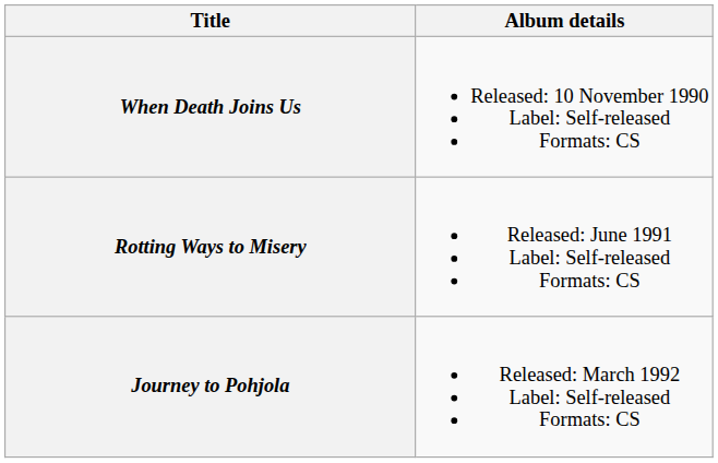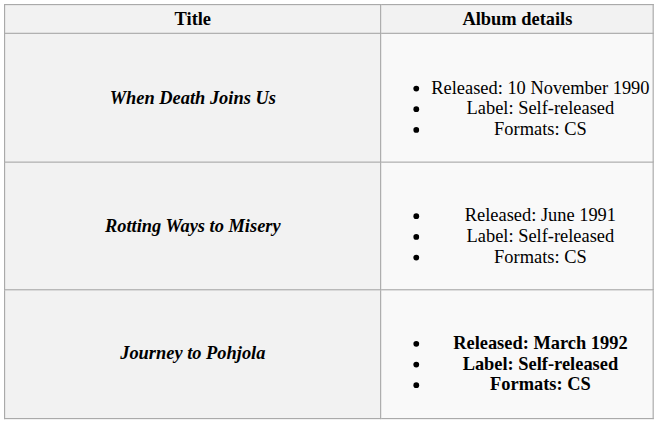 <table class="wikitable plainrowheaders" style="text-align:center;">
 <tr>
 <th scope="col" style="width:20em;">Title</th>
 <th scope="col">Album details</th>
 </tr>
 <tr>
 <th scope="row"><em>When Death Joins Us</em></th>
 <td><br><ul><li>Released: 10 November 1990</li><li>Label: Self-released</li><li>Formats: CS</li></ul></td>
 </tr>
 <tr>
 <th scope="row"><em>Rotting Ways to Misery</em></th>
 <td><br><ul><li>Released: June 1991</li><li>Label: Self-released</li><li>Formats: CS</li></ul></td>
 </tr>
 <tr>
 <th scope="row"><em>Journey to Pohjola</em></th>
-<td><br><ul><li>Released: March 1992</li><li>Label: Self-released</li><li>Formats: CS</li></ul></td>
+<td><strong><br><ul><li>Released: March 1992</li><li>Label: Self-released</li><li>Formats: CS</li></ul></strong></td>
 </tr>
 </table>
